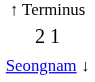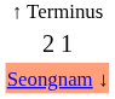 <table style="text-align:center;">
 <tr>
 <td><small>↑ Terminus </small></td>
 </tr>
 <tr>
 <td><span>2</span>   <span>1</span></td>
 </tr>
 <tr>
-<td><small><a href='#'>Seongnam</a> ↓</small></td>
+<td style="background: lightsalmon;"><small><a href='#'>Seongnam</a> ↓</small></td>
 </tr>
 </table>
